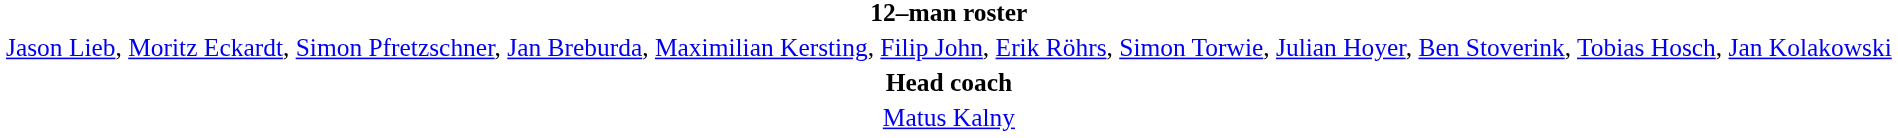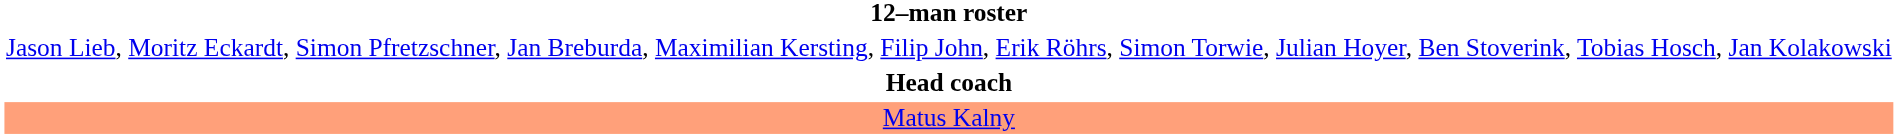 <table style="text-align: center; margin-top: 2em; margin-left: auto; margin-right: auto">
 <tr>
 <td><strong>12–man roster</strong></td>
 </tr>
 <tr>
 <td><a href='#'>Jason Lieb</a>, <a href='#'>Moritz Eckardt</a>, <a href='#'>Simon Pfretzschner</a>, <a href='#'>Jan Breburda</a>, <a href='#'>Maximilian Kersting</a>, <a href='#'>Filip John</a>, <a href='#'>Erik Röhrs</a>, <a href='#'>Simon Torwie</a>, <a href='#'>Julian Hoyer</a>, <a href='#'>Ben Stoverink</a>, <a href='#'>Tobias Hosch</a>, <a href='#'>Jan Kolakowski</a></td>
 </tr>
 <tr>
 <td><strong>Head coach</strong></td>
 </tr>
 <tr>
-<td><a href='#'>Matus Kalny</a></td>
+<td style="background: lightsalmon;"><a href='#'>Matus Kalny</a></td>
 </tr>
 </table>
